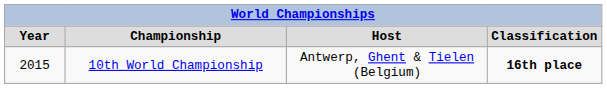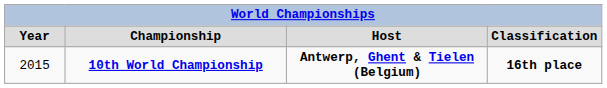 <table class="wikitable" style=font-size:90%>
 <tr align=center style="background:#B0C4DE;">
 <td colspan=4><strong><a href='#'>World Championships</a></strong></td>
 </tr>
 <tr align=center bgcolor="#dddddd">
 <td width=50><strong>Year</strong></td>
 <td width=200><strong>Championship</strong></td>
 <td width=180><strong>Host</strong></td>
 <td width=100><strong>Classification</strong></td>
 </tr>
 <tr align=center>
 <td>2015</td>
-<td><a href='#'>10th World Championship</a></td>
-<td>Antwerp, <a href='#'>Ghent</a> & <a href='#'>Tielen</a> (Belgium)</td>
+<td><strong><a href='#'>10th World Championship</a></strong></td>
+<td><strong>Antwerp, <a href='#'>Ghent</a> & <a href='#'>Tielen</a> (Belgium)</strong></td>
 <td align="center"><strong>16th place</strong></td>
 </tr>
 </table>
